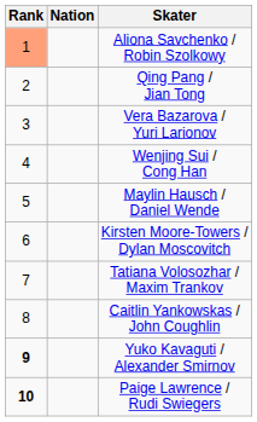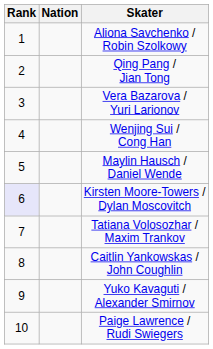 <table class="wikitable sortable" style="text-align: center;">
 <tr>
 <th rowspan="2">Rank</th>
 <th rowspan="2">Nation</th>
 <th rowspan="2">Skater</th>
 </tr>
 <tr>
 </tr>
 <tr>
-<td style="background: lightsalmon;">1</td>
+<td>1</td>
 <td "style=text-align: left;"></td>
 <td "style=text-align: left;"><a href='#'>Aliona Savchenko</a> /<br> <a href='#'>Robin Szolkowy</a></td>
 </tr>
 <tr>
 <td>2</td>
 <td "style=text-align: left;"></td>
 <td "style=text-align: left;"><a href='#'>Qing Pang</a> /<br> <a href='#'>Jian Tong</a></td>
 </tr>
 <tr>
 <td>3</td>
 <td "style=text-align: left;"></td>
 <td "style=text-align: left;"><a href='#'>Vera Bazarova</a> /<br> <a href='#'>Yuri Larionov</a></td>
 </tr>
 <tr>
 <td>4</td>
 <td "style=text-align: left;"></td>
 <td "style=text-align: left;"><a href='#'>Wenjing Sui</a> /<br> <a href='#'>Cong Han</a></td>
 </tr>
 <tr>
 <td>5</td>
 <td "style=text-align: left;"></td>
 <td "style=text-align: left;"><a href='#'>Maylin Hausch</a> /<br> <a href='#'>Daniel Wende</a></td>
 </tr>
 <tr>
-<td>6</td>
+<td style="background: lavender;">6</td>
 <td "style=text-align: left;"></td>
 <td "style=text-align: left;"><a href='#'>Kirsten Moore-Towers</a> /<br> <a href='#'>Dylan Moscovitch</a></td>
 </tr>
 <tr>
 <td>7</td>
 <td "style=text-align: left;"></td>
 <td "style=text-align: left;"><a href='#'>Tatiana Volosozhar</a> /<br> <a href='#'>Maxim Trankov</a></td>
 </tr>
 <tr>
 <td>8</td>
 <td "style=text-align: left;"></td>
 <td "style=text-align: left;"><a href='#'>Caitlin Yankowskas</a> /<br> <a href='#'>John Coughlin</a></td>
 </tr>
 <tr>
-<td><strong>9</strong></td>
+<td>9</td>
 <td "style=text-align: left;"></td>
 <td "style=text-align: left;"><a href='#'>Yuko Kavaguti</a> /<br> <a href='#'>Alexander Smirnov</a></td>
 </tr>
 <tr>
-<td><strong>10</strong></td>
+<td>10</td>
 <td "style=text-align: left;"></td>
 <td "style=text-align: left;"><a href='#'>Paige Lawrence</a> /<br> <a href='#'>Rudi Swiegers</a></td>
 </tr>
 </table>
